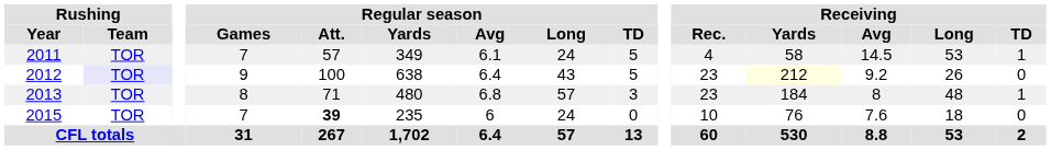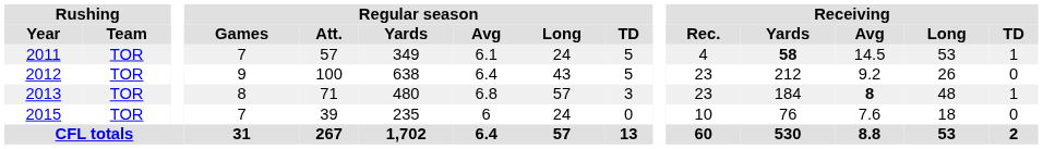 <table BORDER="0" CELLPADDING="1" CELLSPACING="0" width="65%" style="text-align:center">
 <tr bgcolor="#e0e0e0">
 <th colspan="2">Rushing</th>
 <th rowspan="99" bgcolor="#ffffff"> </th>
 <th colspan="6">Regular season</th>
 <th rowspan="99" bgcolor="#ffffff"> </th>
 <th colspan="5">Receiving</th>
 </tr>
 <tr bgcolor="#e0e0e0">
 <th>Year</th>
 <th>Team</th>
 <th>Games</th>
 <th>Att.</th>
 <th>Yards</th>
 <th>Avg</th>
 <th>Long</th>
 <th>TD</th>
 <th>Rec.</th>
 <th>Yards</th>
 <th>Avg</th>
 <th>Long</th>
 <th>TD</th>
 </tr>
 <tr ALIGN="center" bgcolor="#f0f0f0">
 <td><a href='#'>2011</a></td>
 <td><a href='#'>TOR</a></td>
 <td>7</td>
 <td>57</td>
 <td>349</td>
 <td>6.1</td>
 <td>24</td>
 <td>5</td>
 <td>4</td>
-<td>58</td>
+<td><strong>58</strong></td>
 <td>14.5</td>
 <td>53</td>
 <td>1</td>
 </tr>
 <tr ALIGN="center">
 <td><a href='#'>2012</a></td>
-<td style="background: lavender;"><a href='#'>TOR</a></td>
+<td><a href='#'>TOR</a></td>
 <td>9</td>
 <td>100</td>
 <td>638</td>
 <td>6.4</td>
 <td>43</td>
 <td>5</td>
 <td>23</td>
-<td style="background: lightyellow;">212</td>
+<td>212</td>
 <td>9.2</td>
 <td>26</td>
 <td>0</td>
 </tr>
 <tr ALIGN="center" bgcolor="#f0f0f0">
 <td><a href='#'>2013</a></td>
 <td><a href='#'>TOR</a></td>
 <td>8</td>
 <td>71</td>
 <td>480</td>
 <td>6.8</td>
 <td>57</td>
 <td>3</td>
 <td>23</td>
 <td>184</td>
-<td>8</td>
+<td><strong>8</strong></td>
 <td>48</td>
 <td>1</td>
 </tr>
 <tr ALIGN="center">
 <td><a href='#'>2015</a></td>
 <td><a href='#'>TOR</a></td>
 <td>7</td>
-<td><strong>39</strong></td>
+<td>39</td>
 <td>235</td>
 <td>6</td>
 <td>24</td>
 <td>0</td>
 <td>10</td>
 <td>76</td>
 <td>7.6</td>
 <td>18</td>
 <td>0</td>
 </tr>
 <tr bgcolor="#e0e0e0">
 <th colspan="3"><a href='#'>CFL totals</a></th>
 <th>31</th>
 <th>267</th>
 <th>1,702</th>
 <th>6.4</th>
 <th>57</th>
 <th>13</th>
 <th>60</th>
 <th>530</th>
 <th>8.8</th>
 <th>53</th>
 <th>2</th>
 </tr>
 </table>
